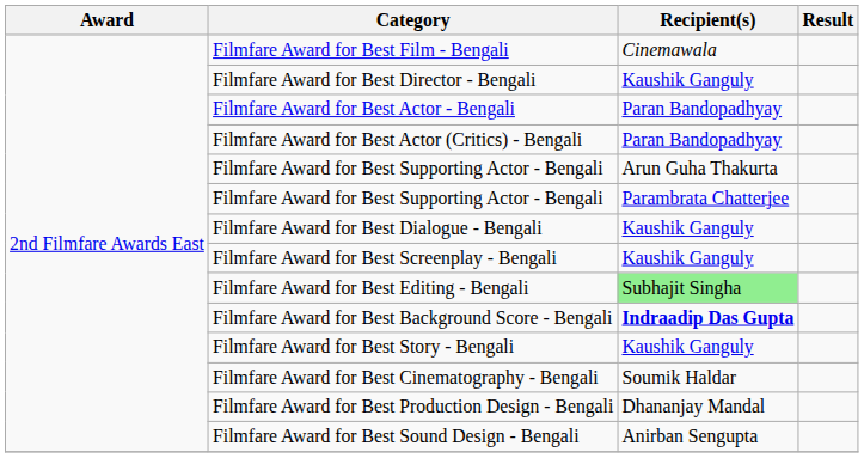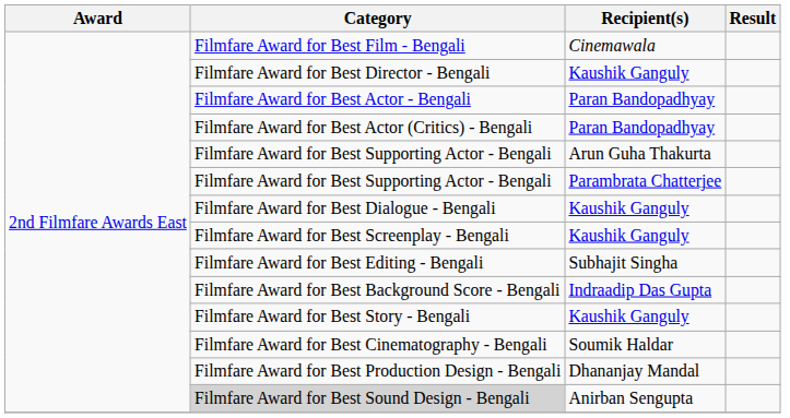 <table class="wikitable sortable">
 <tr>
 <th>Award</th>
 <th>Category</th>
 <th>Recipient(s)</th>
 <th>Result</th>
 </tr>
 <tr>
 <td rowspan="14"><a href='#'>2nd Filmfare Awards East</a></td>
 <td><a href='#'>Filmfare Award for Best Film - Bengali</a></td>
 <td><em>Cinemawala</em></td>
 <td></td>
 </tr>
 <tr>
 <td>Filmfare Award for Best Director - Bengali</td>
 <td><a href='#'>Kaushik Ganguly</a></td>
 <td></td>
 </tr>
 <tr>
 <td><a href='#'>Filmfare Award for Best Actor - Bengali</a></td>
 <td><a href='#'>Paran Bandopadhyay</a></td>
 <td></td>
 </tr>
 <tr>
 <td>Filmfare Award for Best Actor (Critics) - Bengali</td>
 <td><a href='#'>Paran Bandopadhyay</a></td>
 <td></td>
 </tr>
 <tr>
 <td>Filmfare Award for Best Supporting Actor - Bengali</td>
 <td>Arun Guha Thakurta</td>
 <td></td>
 </tr>
 <tr>
 <td>Filmfare Award for Best Supporting Actor - Bengali</td>
 <td><a href='#'>Parambrata Chatterjee</a></td>
 <td></td>
 </tr>
 <tr>
 <td>Filmfare Award for Best Dialogue - Bengali</td>
 <td><a href='#'>Kaushik Ganguly</a></td>
 <td></td>
 </tr>
 <tr>
 <td>Filmfare Award for Best Screenplay - Bengali</td>
 <td><a href='#'>Kaushik Ganguly</a></td>
 <td></td>
 </tr>
 <tr>
 <td>Filmfare Award for Best Editing - Bengali</td>
-<td style="background: lightgreen;">Subhajit Singha</td>
+<td>Subhajit Singha</td>
 <td></td>
 </tr>
 <tr>
 <td>Filmfare Award for Best Background Score - Bengali</td>
-<td><strong><a href='#'>Indraadip Das Gupta</a></strong></td>
+<td><a href='#'>Indraadip Das Gupta</a></td>
 <td></td>
 </tr>
 <tr>
 <td>Filmfare Award for Best Story - Bengali</td>
 <td><a href='#'>Kaushik Ganguly</a></td>
 <td></td>
 </tr>
 <tr>
 <td>Filmfare Award for Best Cinematography - Bengali</td>
 <td>Soumik Haldar</td>
 <td></td>
 </tr>
 <tr>
 <td>Filmfare Award for Best Production Design - Bengali</td>
 <td>Dhananjay Mandal</td>
 <td></td>
 </tr>
 <tr>
-<td>Filmfare Award for Best Sound Design - Bengali</td>
+<td style="background: lightgrey;">Filmfare Award for Best Sound Design - Bengali</td>
 <td>Anirban Sengupta</td>
 <td></td>
 </tr>
 <tr>
 </tr>
 </table>
